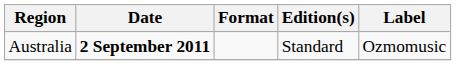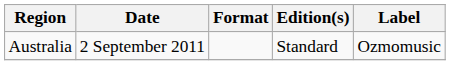 <table class="wikitable plainrowheaders">
 <tr>
 <th scope="col">Region</th>
 <th scope="col">Date</th>
 <th scope="col">Format</th>
 <th scope="col">Edition(s)</th>
 <th scope="col">Label</th>
 </tr>
 <tr>
 <td>Australia</td>
-<td><strong>2 September 2011</strong></td>
+<td>2 September 2011</td>
 <td></td>
 <td>Standard</td>
 <td>Ozmomusic</td>
 </tr>
 <tr>
 </tr>
 </table>
